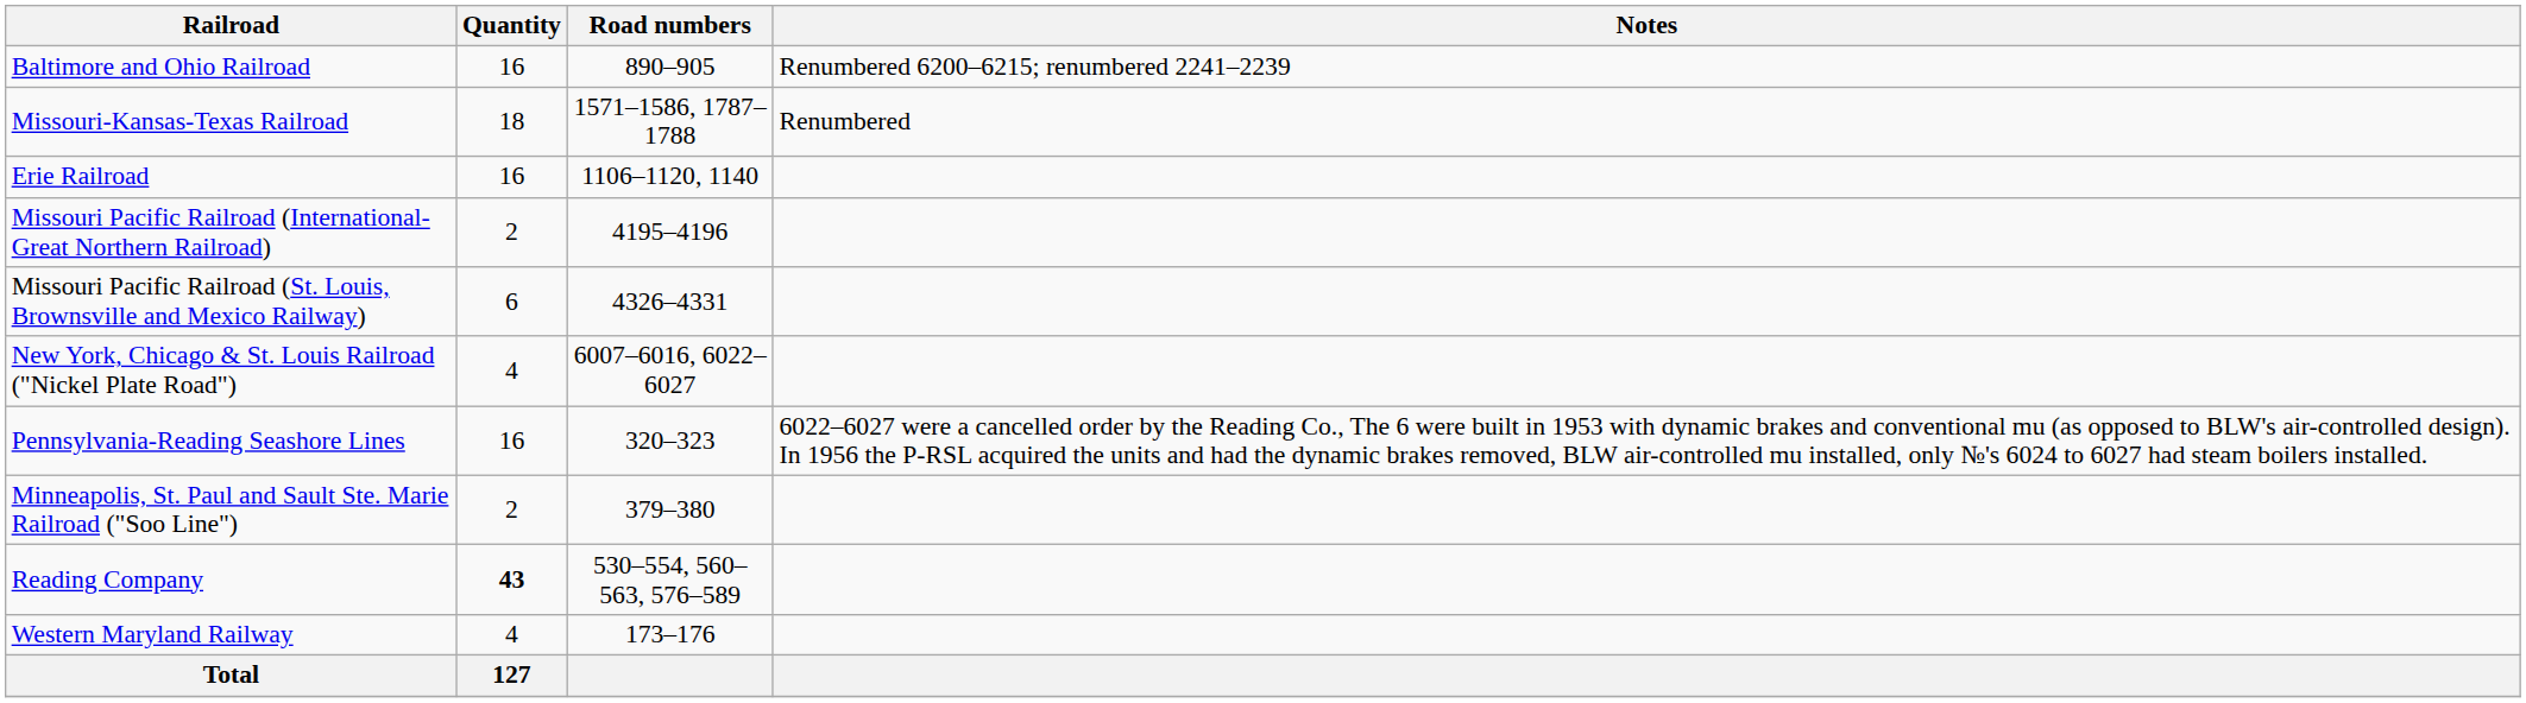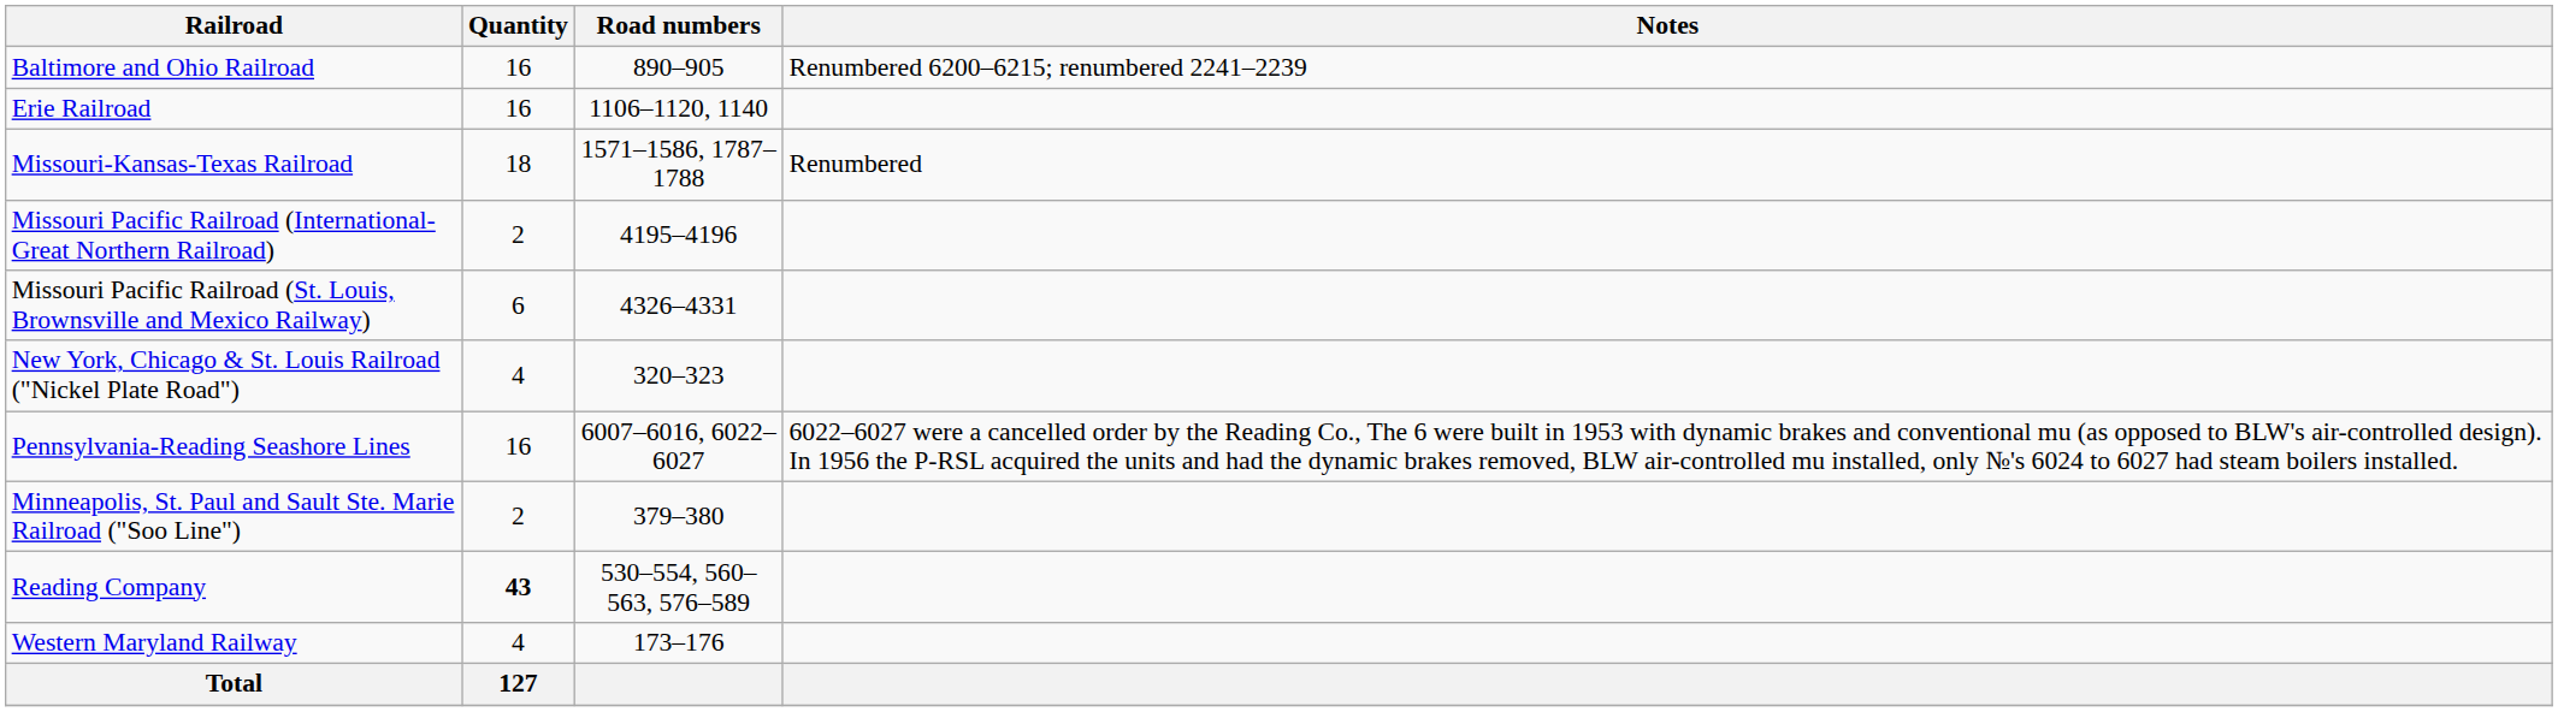 <table class="wikitable">
 <tr>
 <th>Railroad</th>
 <th>Quantity</th>
 <th>Road numbers</th>
 <th>Notes</th>
 </tr>
 <tr>
 <td><a href='#'>Baltimore and Ohio Railroad</a></td>
 <td style="text-align: center;">16</td>
 <td style="text-align: center;">890–905</td>
 <td>Renumbered 6200–6215; renumbered 2241–2239</td>
 </tr>
 <tr>
+<td><a href='#'>Erie Railroad</a></td>
+<td style="text-align: center;">16</td>
+<td style="text-align: center;">1106–1120, 1140</td>
+<td></td>
+</tr>
+<tr>
 <td><a href='#'>Missouri-Kansas-Texas Railroad</a></td>
 <td style="text-align: center;">18</td>
 <td style="text-align: center;">1571–1586, 1787–1788</td>
 <td>Renumbered</td>
-</tr>
-<tr>
-<td><a href='#'>Erie Railroad</a></td>
-<td style="text-align: center;">16</td>
-<td style="text-align: center;">1106–1120, 1140</td>
-<td></td>
 </tr>
 <tr>
 <td><a href='#'>Missouri Pacific Railroad</a> (<a href='#'>International-Great Northern Railroad</a>)</td>
 <td style="text-align: center;">2</td>
 <td style="text-align: center;">4195–4196</td>
 <td></td>
 </tr>
 <tr>
 <td>Missouri Pacific Railroad (<a href='#'>St. Louis, Brownsville and Mexico Railway</a>)</td>
 <td style="text-align: center;">6</td>
 <td style="text-align: center;">4326–4331</td>
 <td></td>
 </tr>
 <tr>
 <td><a href='#'>New York, Chicago & St. Louis Railroad</a> ("Nickel Plate Road")</td>
 <td style="text-align: center;">4</td>
-<td style="text-align: center;">6007–6016, 6022–6027</td>
+<td style="text-align: center;">320–323</td>
 <td></td>
 </tr>
 <tr>
 <td><a href='#'>Pennsylvania-Reading Seashore Lines</a></td>
 <td style="text-align: center;">16</td>
-<td style="text-align: center;">320–323</td>
+<td style="text-align: center;">6007–6016, 6022–6027</td>
 <td>6022–6027 were a cancelled order by the Reading Co., The 6 were built in 1953 with dynamic brakes and conventional mu (as opposed to BLW's air-controlled design). In 1956 the P-RSL acquired the units and had the dynamic brakes removed, BLW air-controlled mu installed, only №'s 6024 to 6027 had steam boilers installed.</td>
 </tr>
 <tr>
 <td><a href='#'>Minneapolis, St. Paul and Sault Ste. Marie Railroad</a> ("Soo Line")</td>
 <td style="text-align: center;">2</td>
 <td style="text-align: center;">379–380</td>
 <td></td>
 </tr>
 <tr>
 <td><a href='#'>Reading Company</a></td>
 <td style="text-align: center;"><strong>43</strong></td>
 <td style="text-align: center;">530–554, 560–563, 576–589</td>
 <td></td>
 </tr>
 <tr>
 <td><a href='#'>Western Maryland Railway</a></td>
 <td style="text-align: center;">4</td>
 <td style="text-align: center;">173–176</td>
 <td></td>
 </tr>
 <tr>
 <th>Total</th>
 <th>127</th>
 <th></th>
 <th></th>
 </tr>
 <tr>
 </tr>
 </table>
